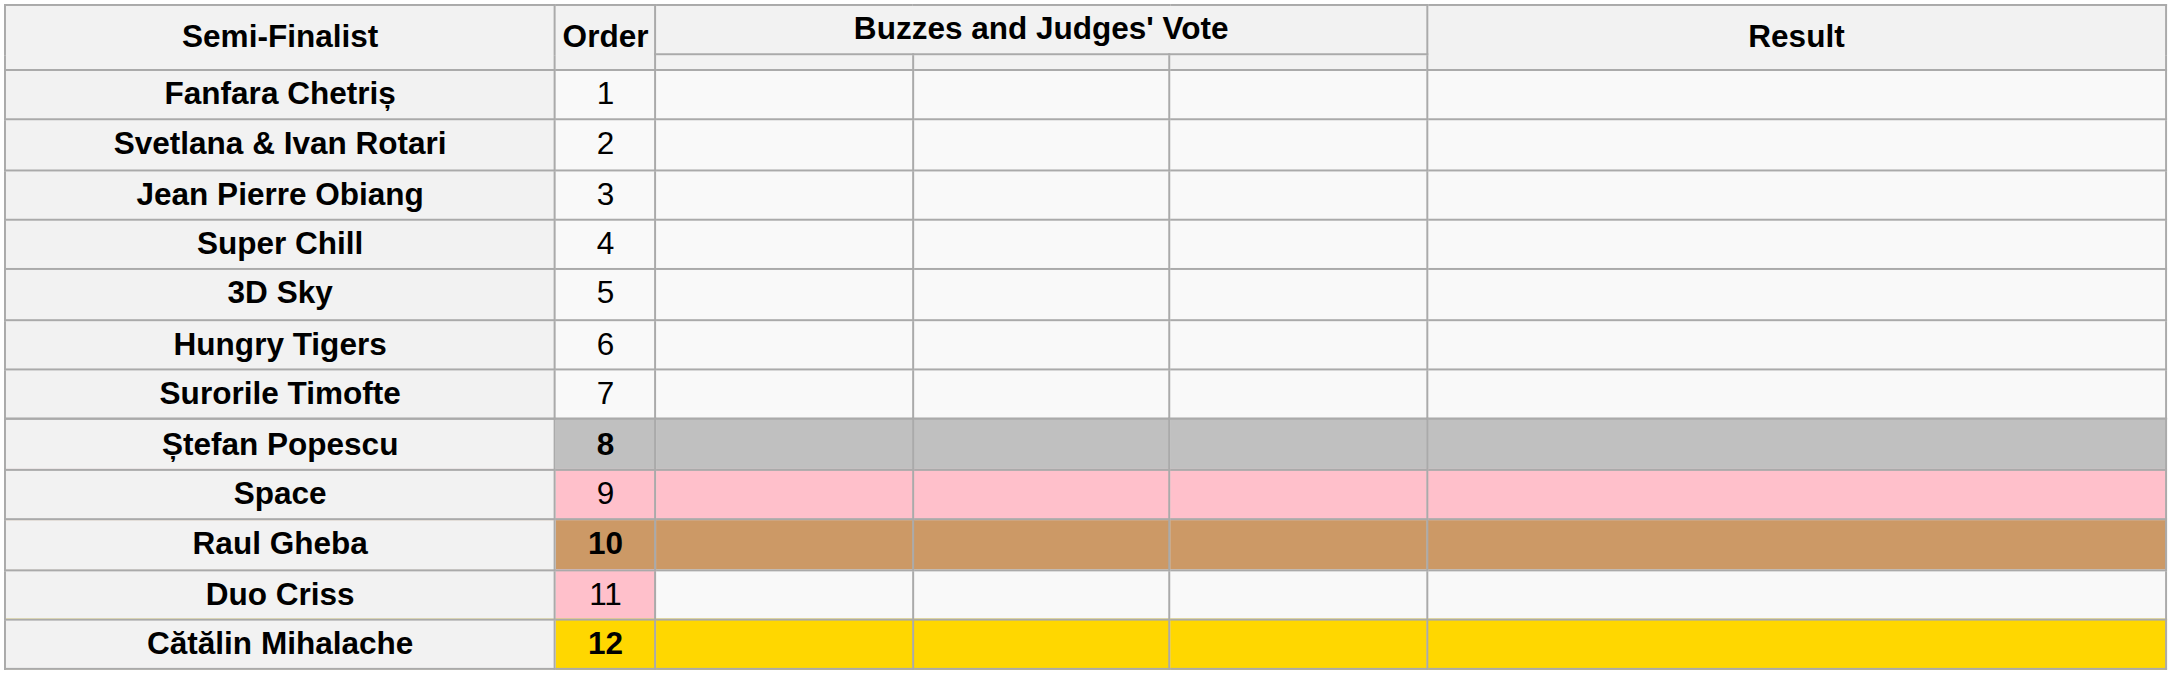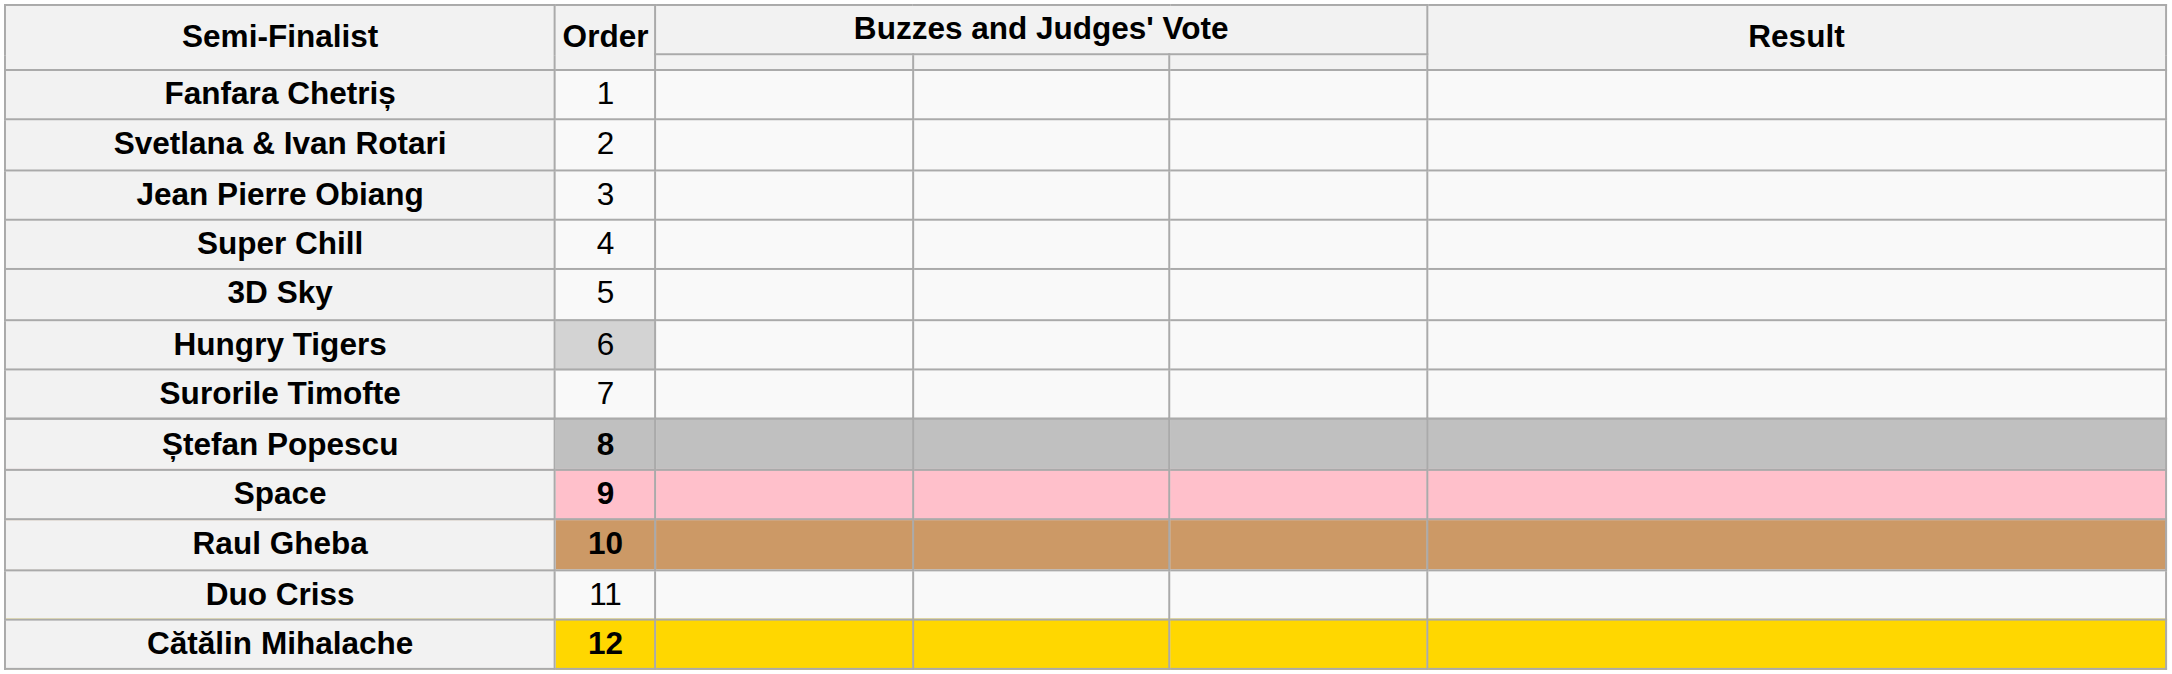 <table class="wikitable plainrowheaders sortable" style="text-align:center;">
 <tr>
 <th scope="col" rowspan=2 class="unsortable" style="width:17em;">Semi-Finalist</th>
 <th scope="col" rowspan=2 style="width:1em;">Order</th>
 <th scope="col" colspan=3 class="unsortable" style="width:24em;">Buzzes and Judges' Vote</th>
 <th scope="col" rowspan=2 style="width:23em;">Result</th>
 </tr>
 <tr>
 <th scope="col" class="unsortable" style="width:6em;"></th>
 <th scope="col" class="unsortable" style="width:6em;"></th>
 <th scope="col" class="unsortable" style="width:6em;"></th>
 </tr>
 <tr>
 <th scope="row">Fanfara Chetriș</th>
 <td>1</td>
 <td style="text-align:center;"></td>
 <td style="text-align:center;"></td>
 <td style="text-align:center;"></td>
 <td></td>
 </tr>
 <tr>
 <th scope="row">Svetlana & Ivan Rotari</th>
 <td>2</td>
 <td style="text-align:center;"></td>
 <td style="text-align:center;"></td>
 <td style="text-align:center;"></td>
 <td></td>
 </tr>
 <tr>
 <th scope="row">Jean Pierre Obiang</th>
 <td>3</td>
 <td style="text-align:center;"></td>
 <td style="text-align:center;"></td>
 <td style="text-align:center;"></td>
 <td></td>
 </tr>
 <tr>
 <th scope="row">Super Chill</th>
 <td>4</td>
 <td style="text-align:center;"></td>
 <td style="text-align:center;"></td>
 <td style="text-align:center;"></td>
 <td></td>
 </tr>
 <tr>
 <th scope="row">3D Sky</th>
 <td>5</td>
 <td style="text-align:center;"></td>
 <td style="text-align:center;"></td>
 <td style="text-align:center;"></td>
 <td></td>
 </tr>
 <tr>
 <th scope="row">Hungry Tigers</th>
-<td>6</td>
+<td style="background: lightgrey;">6</td>
 <td style="text-align:center;"></td>
 <td style="text-align:center;"></td>
 <td style="text-align:center;"></td>
 <td></td>
 </tr>
 <tr>
 <th scope="row">Surorile Timofte</th>
 <td>7</td>
 <td style="text-align:center;"></td>
 <td style="text-align:center;"></td>
 <td style="text-align:center;"></td>
 <td></td>
 </tr>
 <tr>
 </tr>
 <tr style="background:silver;">
 <th scope="row"><strong>Ștefan Popescu</strong></th>
 <td><strong>8</strong></td>
 <td style="text-align:center;"></td>
 <td style="text-align:center;"></td>
 <td style="text-align:center;"></td>
 <td><strong></strong></td>
 </tr>
 <tr style="background:pink;">
 <th scope="row">Space</th>
-<td>9</td>
+<td><strong>9</strong></td>
 <td style="text-align:center;"></td>
 <td style="text-align:center;"></td>
 <td style="text-align:center;"></td>
 <td><strong></strong></td>
 </tr>
 <tr style="background:#c96;">
 <th scope="row"><strong>Raul Gheba</strong></th>
 <td><strong>10</strong></td>
 <td style="text-align:center;"></td>
 <td style="text-align:center;"></td>
 <td style="text-align:center;"></td>
 <td><strong></strong></td>
 </tr>
 <tr>
 <th scope="row">Duo Criss</th>
-<td style="background: pink;">11</td>
+<td>11</td>
 <td style="text-align:center;"></td>
 <td style="text-align:center;"></td>
 <td style="text-align:center;"></td>
 <td></td>
 </tr>
 <tr style="background:gold;">
 <th scope="row"><strong>Cătălin Mihalache</strong> </th>
 <td><strong>12</strong></td>
 <td style="text-align:center;"></td>
 <td style="text-align:center;"></td>
 <td style="text-align:center;"></td>
 <td><strong></strong></td>
 </tr>
 </table>
